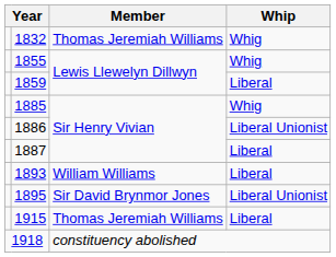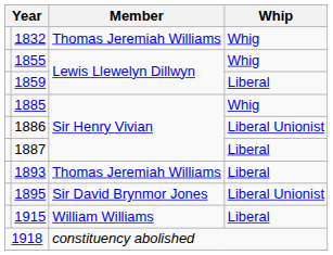 <table class="wikitable">
 <tr>
 <th colspan="2">Year</th>
 <th>Member</th>
 <th>Whip</th>
 </tr>
 <tr>
 <td style="color:inherit;background-color: "></td>
 <td><a href='#'>1832</a></td>
 <td><a href='#'>Thomas Jeremiah Williams</a></td>
 <td><a href='#'>Whig</a></td>
 </tr>
 <tr>
 <td style="color:inherit;background-color: "></td>
 <td><a href='#'>1855</a></td>
 <td rowspan="2"><a href='#'>Lewis Llewelyn Dillwyn</a></td>
 <td><a href='#'>Whig</a></td>
 </tr>
 <tr>
 <td style="color:inherit;background-color: "></td>
 <td><a href='#'>1859</a></td>
 <td><a href='#'>Liberal</a></td>
 </tr>
 <tr>
 <td style="color:inherit;background-color: "></td>
 <td><a href='#'>1885</a></td>
 <td rowspan=3><a href='#'>Sir Henry Vivian</a></td>
 <td><a href='#'>Whig</a></td>
 </tr>
 <tr>
 <td style="color:inherit;background-color: "></td>
 <td>1886</td>
 <td><a href='#'>Liberal Unionist</a></td>
 </tr>
 <tr>
 <td style="color:inherit;background-color: "></td>
 <td>1887</td>
 <td><a href='#'>Liberal</a></td>
 </tr>
 <tr>
 <td style="color:inherit;background-color: "></td>
 <td><a href='#'>1893</a></td>
-<td><a href='#'>William Williams</a></td>
+<td><a href='#'>Thomas Jeremiah Williams</a></td>
 <td><a href='#'>Liberal</a></td>
 </tr>
 <tr>
 <td style="color:inherit;background-color: "></td>
 <td><a href='#'>1895</a></td>
 <td><a href='#'>Sir David Brynmor Jones</a></td>
 <td><a href='#'>Liberal Unionist</a></td>
 </tr>
 <tr>
 <td style="color:inherit;background-color: "></td>
 <td><a href='#'>1915</a></td>
-<td><a href='#'>Thomas Jeremiah Williams</a></td>
+<td><a href='#'>William Williams</a></td>
 <td><a href='#'>Liberal</a></td>
 </tr>
 <tr>
 <td colspan="2" align="center"><a href='#'>1918</a></td>
 <td colspan="2"><em>constituency abolished</em></td>
 </tr>
 </table>
